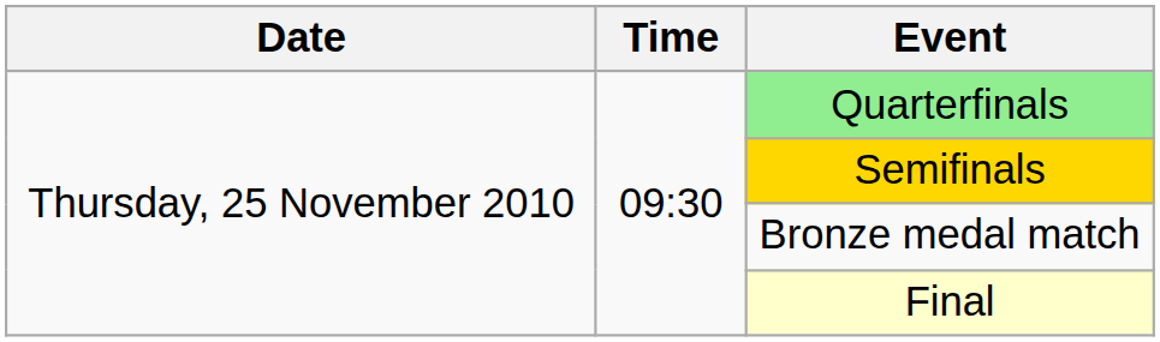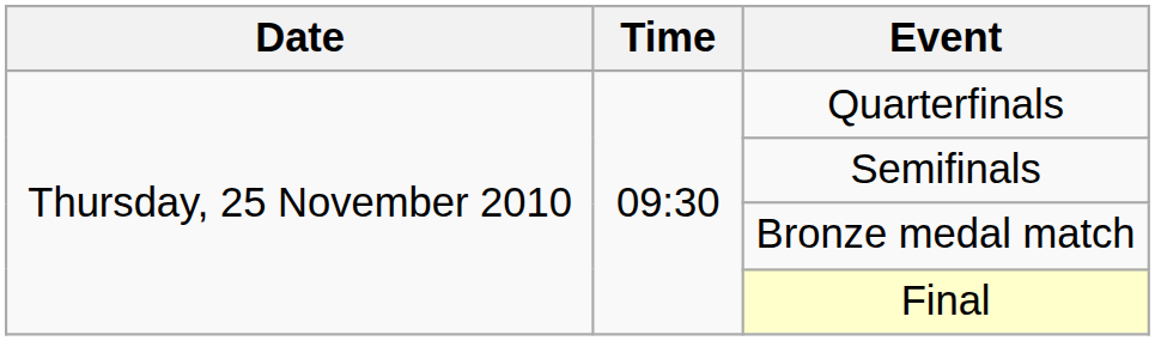 <table class = "wikitable" style="text-align:center;">
 <tr>
 <th width=220>Date</th>
 <th width=50>Time</th>
 <th width=150>Event</th>
 </tr>
 <tr>
 <td rowspan=4>Thursday, 25 November 2010</td>
 <td rowspan=4>09:30</td>
-<td style="background: lightgreen;">Quarterfinals</td>
+<td>Quarterfinals</td>
 </tr>
 <tr>
-<td style="background: gold;">Semifinals</td>
+<td>Semifinals</td>
 </tr>
 <tr>
 <td>Bronze medal match</td>
 </tr>
 <tr>
 <td bgcolor=ffffcc>Final</td>
 </tr>
 </table>
